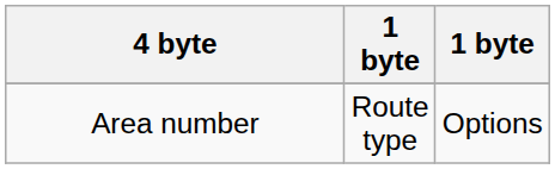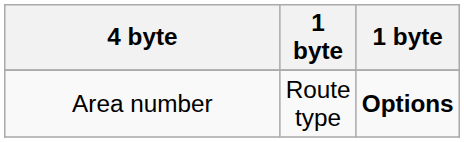 <table class="wikitable  floatright mw-collapsible" style="width: 300px;">
 <tr>
 <th width="66%">4 byte</th>
 <th width="12%">1 byte</th>
 <th width="12%">1 byte</th>
 </tr>
 <tr>
 </tr>
 <tr>
 <td style="text-align: center;">Area number</td>
 <td style="text-align: center;">Route type</td>
-<td style="text-align: center;">Options</td>
+<td style="text-align: center;"><strong>Options</strong></td>
 </tr>
 </table>
